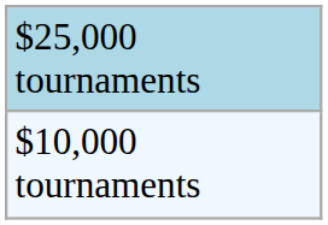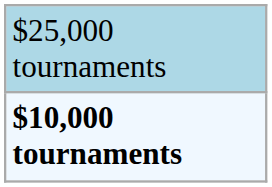 <table class="wikitable" style="font-size:85%;" width=13%>
 <tr bgcolor="lightblue">
 <td>$25,000 tournaments</td>
 </tr>
 <tr bgcolor="#f0f8ff">
-<td>$10,000 tournaments</td>
+<td><strong>$10,000 tournaments</strong></td>
 </tr>
 </table>
